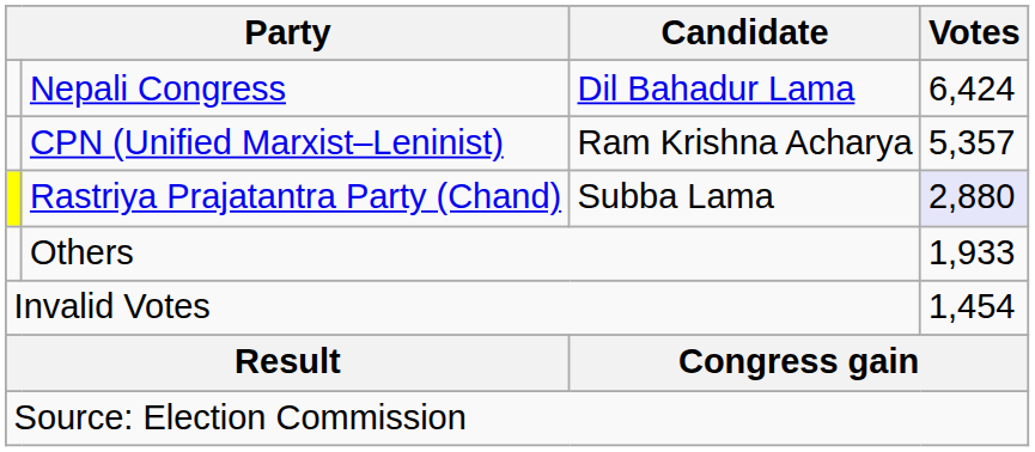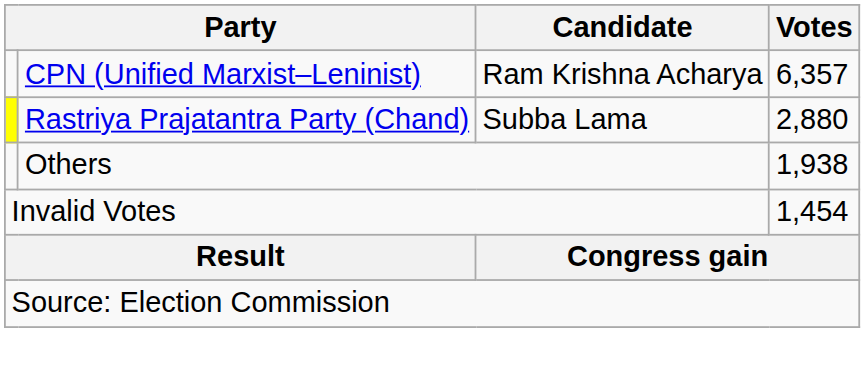 <table class="wikitable">
 <tr>
 <th colspan="2">Party</th>
 <th>Candidate</th>
 <th>Votes</th>
 </tr>
 <tr>
 <td style="background-color:"></td>
-<td><a href='#'>Nepali Congress</a></td>
-<td><a href='#'>Dil Bahadur Lama</a></td>
-<td>6,424</td>
-</tr>
-<tr>
-<td style="background-color:"></td>
 <td><a href='#'>CPN (Unified Marxist–Leninist)</a></td>
 <td>Ram Krishna Acharya</td>
-<td>5,357</td>
+<td>6,357</td>
 </tr>
 <tr>
 <td style="background-color:yellow"></td>
 <td><a href='#'>Rastriya Prajatantra Party (Chand)</a></td>
 <td>Subba Lama</td>
-<td style="background: lavender;">2,880</td>
+<td>2,880</td>
 </tr>
 <tr>
 <td></td>
 <td colspan="2">Others</td>
-<td>1,933</td>
+<td>1,938</td>
 </tr>
 <tr>
 <td colspan="3">Invalid Votes</td>
 <td>1,454</td>
 </tr>
 <tr>
 <th colspan="2">Result</th>
 <th colspan="2">Congress gain</th>
 </tr>
 <tr>
 <td colspan="4">Source: Election Commission</td>
 </tr>
 </table>
